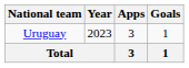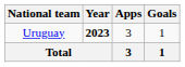 <table class="wikitable" style="text-align:center">
 <tr>
 <th>National team</th>
 <th>Year</th>
 <th>Apps</th>
 <th>Goals</th>
 </tr>
 <tr>
 <td rowspan=1><a href='#'>Uruguay</a></td>
-<td>2023</td>
+<td><strong>2023</strong></td>
 <td>3</td>
 <td>1</td>
 </tr>
 <tr>
 <th colspan=2>Total</th>
 <th>3</th>
 <th>1</th>
 </tr>
 </table>
